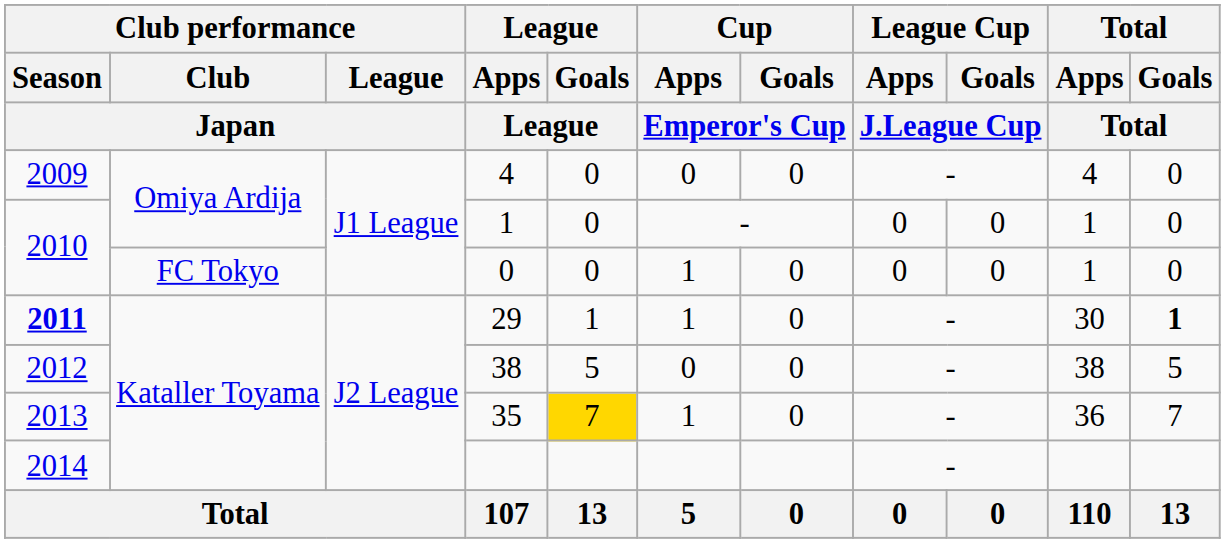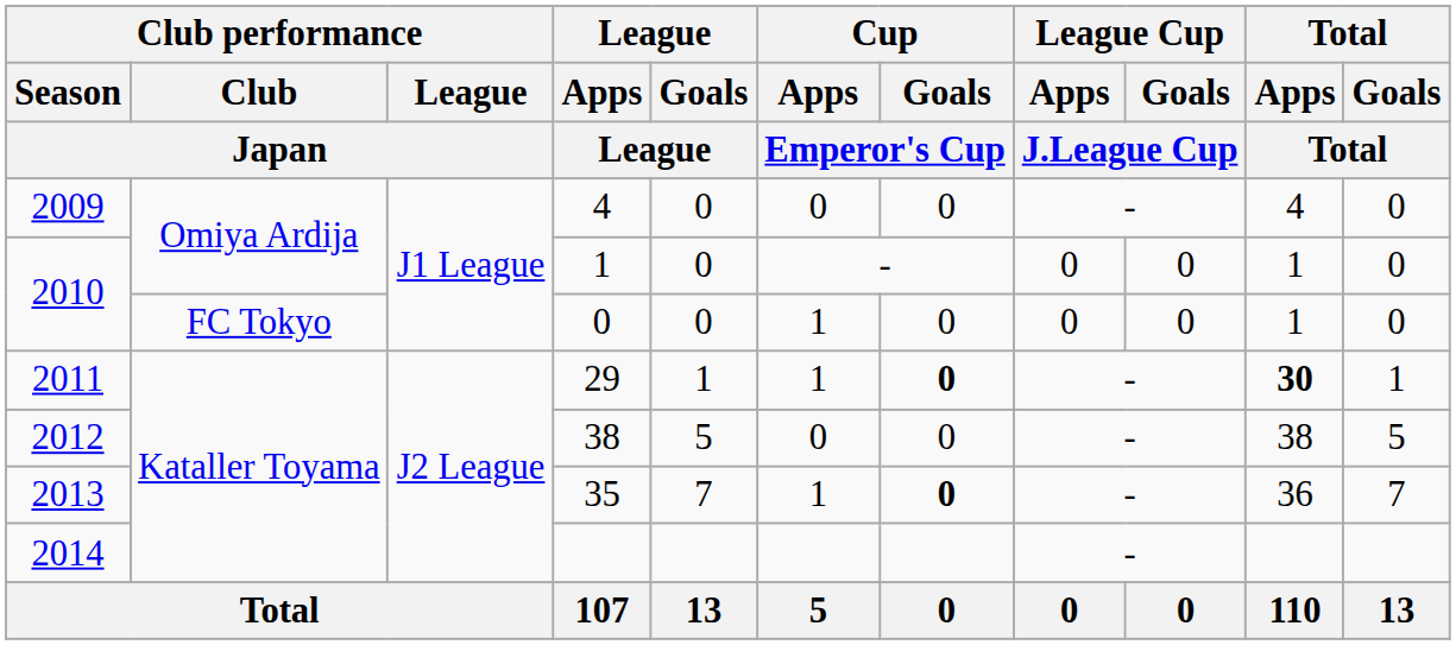 <table class="wikitable" style="text-align:center;">
 <tr>
 <th colspan=3>Club performance</th>
 <th colspan=2>League</th>
 <th colspan=2>Cup</th>
 <th colspan=2>League Cup</th>
 <th colspan=2>Total</th>
 </tr>
 <tr>
 <th>Season</th>
 <th>Club</th>
 <th>League</th>
 <th>Apps</th>
 <th>Goals</th>
 <th>Apps</th>
 <th>Goals</th>
 <th>Apps</th>
 <th>Goals</th>
 <th>Apps</th>
 <th>Goals</th>
 </tr>
 <tr>
 <th colspan=3>Japan</th>
 <th colspan=2>League</th>
 <th colspan=2><a href='#'>Emperor's Cup</a></th>
 <th colspan=2><a href='#'>J.League Cup</a></th>
 <th colspan=2>Total</th>
 </tr>
 <tr>
 <td><a href='#'>2009</a></td>
 <td rowspan="2"><a href='#'>Omiya Ardija</a></td>
 <td rowspan="3"><a href='#'>J1 League</a></td>
 <td>4</td>
 <td>0</td>
 <td>0</td>
 <td>0</td>
 <td colspan="2">-</td>
 <td>4</td>
 <td>0</td>
 </tr>
 <tr>
 <td rowspan="2"><a href='#'>2010</a></td>
 <td>1</td>
 <td>0</td>
 <td colspan="2">-</td>
 <td>0</td>
 <td>0</td>
 <td>1</td>
 <td>0</td>
 </tr>
 <tr>
 <td><a href='#'>FC Tokyo</a></td>
 <td>0</td>
 <td>0</td>
 <td>1</td>
 <td>0</td>
 <td>0</td>
 <td>0</td>
 <td>1</td>
 <td>0</td>
 </tr>
 <tr>
-<td><strong><a href='#'>2011</a></strong></td>
+<td><a href='#'>2011</a></td>
 <td rowspan="4"><a href='#'>Kataller Toyama</a></td>
 <td rowspan="4"><a href='#'>J2 League</a></td>
 <td>29</td>
 <td>1</td>
 <td>1</td>
-<td>0</td>
+<td><strong>0</strong></td>
 <td colspan="2">-</td>
-<td>30</td>
-<td><strong>1</strong></td>
+<td><strong>30</strong></td>
+<td>1</td>
 </tr>
 <tr>
 <td><a href='#'>2012</a></td>
 <td>38</td>
 <td>5</td>
 <td>0</td>
 <td>0</td>
 <td colspan="2">-</td>
 <td>38</td>
 <td>5</td>
 </tr>
 <tr>
 <td><a href='#'>2013</a></td>
 <td>35</td>
-<td style="background: gold;">7</td>
+<td>7</td>
 <td>1</td>
-<td>0</td>
+<td><strong>0</strong></td>
 <td colspan="2">-</td>
 <td>36</td>
 <td>7</td>
 </tr>
 <tr>
 <td><a href='#'>2014</a></td>
 <td></td>
 <td></td>
 <td></td>
 <td></td>
 <td colspan="2">-</td>
 <td></td>
 <td></td>
 </tr>
 <tr>
 <th colspan="3">Total</th>
 <th>107</th>
 <th>13</th>
 <th>5</th>
 <th>0</th>
 <th>0</th>
 <th>0</th>
 <th>110</th>
 <th>13</th>
 </tr>
 </table>
